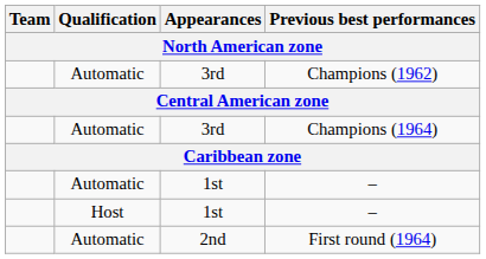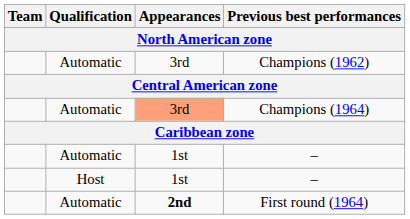 <table class="wikitable">
 <tr>
 <th>Team</th>
 <th>Qualification</th>
 <th>Appearances</th>
 <th>Previous best performances</th>
 </tr>
 <tr>
 <th colspan=5><a href='#'>North American zone</a></th>
 </tr>
 <tr align=center>
 <td align=left></td>
 <td>Automatic</td>
 <td>3rd</td>
 <td>Champions (<a href='#'>1962</a>)</td>
 </tr>
 <tr>
 <th colspan=5><a href='#'>Central American zone</a></th>
 </tr>
 <tr align=center>
 <td align=left></td>
 <td>Automatic</td>
-<td>3rd</td>
+<td style="background: lightsalmon;">3rd</td>
 <td>Champions (<a href='#'>1964</a>)</td>
 </tr>
 <tr>
 <th colspan=5><a href='#'>Caribbean zone</a></th>
 </tr>
 <tr align=center>
 <td align=left></td>
 <td>Automatic</td>
 <td>1st</td>
 <td>–</td>
 </tr>
 <tr align=center>
 <td align=left></td>
 <td>Host</td>
 <td>1st</td>
 <td>–</td>
 </tr>
 <tr align=center>
 <td align=left></td>
 <td>Automatic</td>
-<td>2nd</td>
+<td><strong>2nd</strong></td>
 <td>First round (<a href='#'>1964</a>)</td>
 </tr>
 </table>
